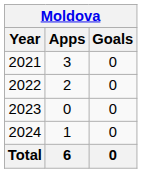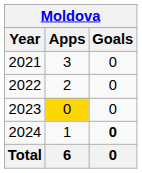 <table class="wikitable" style="text-align:center">
 <tr>
 <th colspan=3><a href='#'>Moldova</a></th>
 </tr>
 <tr>
 <th>Year</th>
 <th>Apps</th>
 <th>Goals</th>
 </tr>
 <tr>
 <td>2021</td>
 <td>3</td>
 <td>0</td>
 </tr>
 <tr>
 <td>2022</td>
 <td>2</td>
 <td>0</td>
 </tr>
 <tr>
 <td>2023</td>
-<td>0</td>
+<td style="background: gold;">0</td>
 <td>0</td>
 </tr>
 <tr>
 <td>2024</td>
 <td>1</td>
-<td>0</td>
+<td><strong>0</strong></td>
 </tr>
 <tr>
 <th>Total</th>
 <th>6</th>
 <th>0</th>
 </tr>
 </table>
